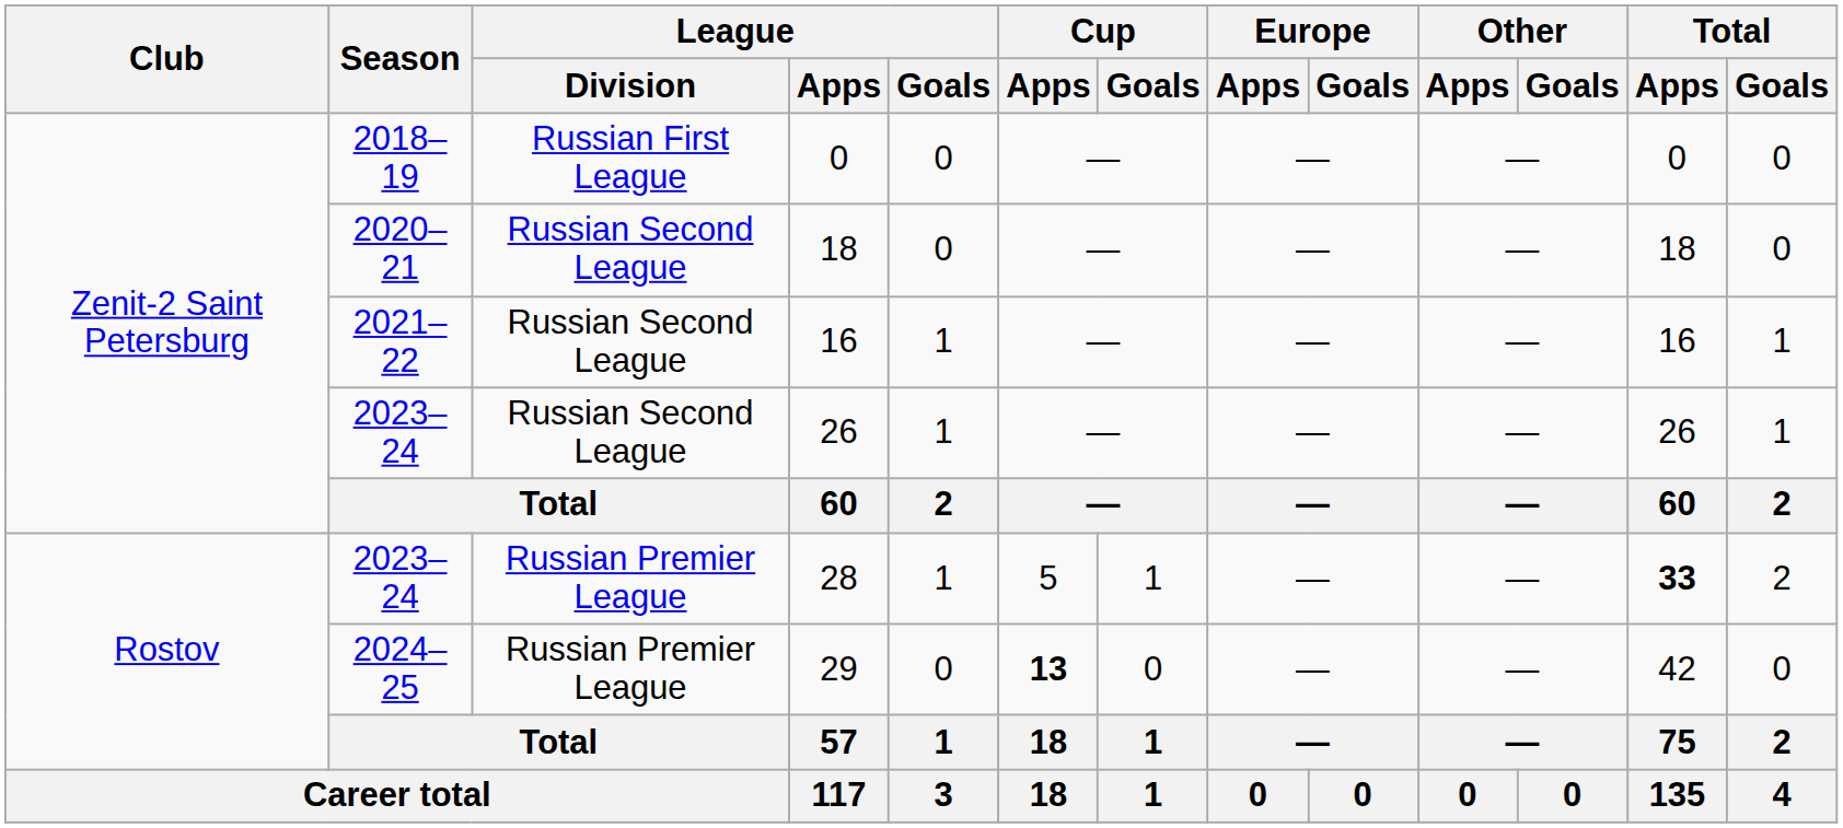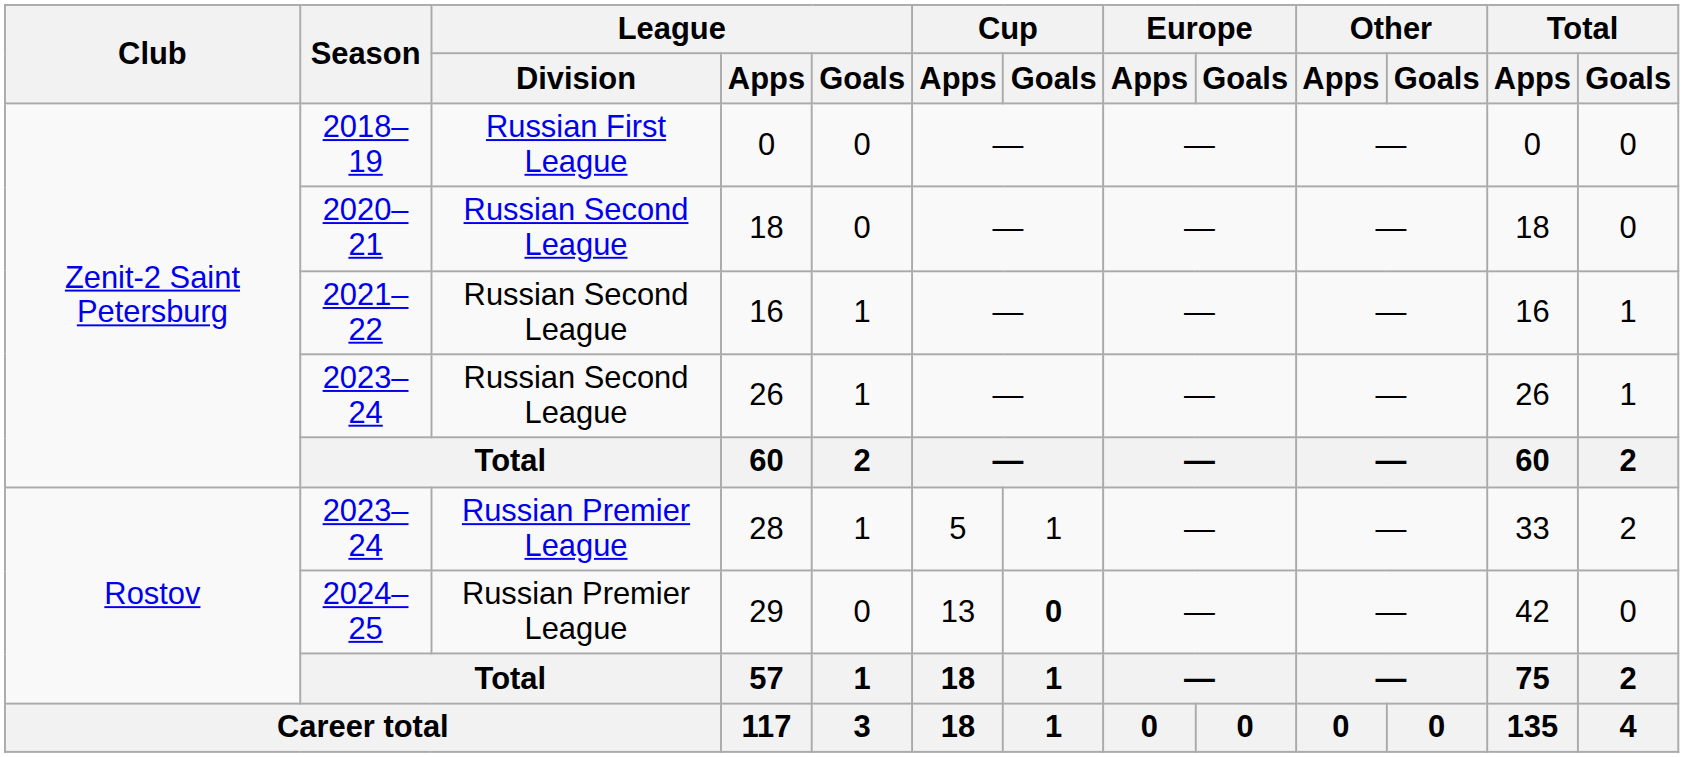 <table class="wikitable" style="text-align: center;">
 <tr>
 <th rowspan="2">Club</th>
 <th rowspan="2">Season</th>
 <th colspan="3">League</th>
 <th colspan="2">Cup</th>
 <th colspan="2">Europe</th>
 <th colspan="2">Other</th>
 <th colspan="2">Total</th>
 </tr>
 <tr>
 <th>Division</th>
 <th>Apps</th>
 <th>Goals</th>
 <th>Apps</th>
 <th>Goals</th>
 <th>Apps</th>
 <th>Goals</th>
 <th>Apps</th>
 <th>Goals</th>
 <th>Apps</th>
 <th>Goals</th>
 </tr>
 <tr>
 <td rowspan="5"><a href='#'>Zenit-2 Saint Petersburg</a></td>
 <td><a href='#'>2018–19</a></td>
 <td><a href='#'>Russian First League</a></td>
 <td>0</td>
 <td>0</td>
 <td colspan="2">—</td>
 <td colspan="2">—</td>
 <td colspan="2">—</td>
 <td>0</td>
 <td>0</td>
 </tr>
 <tr>
 <td><a href='#'>2020–21</a></td>
 <td><a href='#'>Russian Second League</a></td>
 <td>18</td>
 <td>0</td>
 <td colspan="2">—</td>
 <td colspan="2">—</td>
 <td colspan="2">—</td>
 <td>18</td>
 <td>0</td>
 </tr>
 <tr>
 <td><a href='#'>2021–22</a></td>
 <td>Russian Second League</td>
 <td>16</td>
 <td>1</td>
 <td colspan="2">—</td>
 <td colspan="2">—</td>
 <td colspan="2">—</td>
 <td>16</td>
 <td>1</td>
 </tr>
 <tr>
 <td><a href='#'>2023–24</a></td>
 <td>Russian Second League</td>
 <td>26</td>
 <td>1</td>
 <td colspan="2">—</td>
 <td colspan="2">—</td>
 <td colspan="2">—</td>
 <td>26</td>
 <td>1</td>
 </tr>
 <tr>
 <th colspan="2">Total</th>
 <th>60</th>
 <th>2</th>
 <th colspan="2">—</th>
 <th colspan="2">—</th>
 <th colspan="2">—</th>
 <th>60</th>
 <th>2</th>
 </tr>
 <tr>
 <td rowspan="3"><a href='#'>Rostov</a></td>
 <td><a href='#'>2023–24</a></td>
 <td><a href='#'>Russian Premier League</a></td>
 <td>28</td>
 <td>1</td>
 <td>5</td>
 <td>1</td>
 <td colspan="2">—</td>
 <td colspan="2">—</td>
-<td><strong>33</strong></td>
+<td>33</td>
 <td>2</td>
 </tr>
 <tr>
 <td><a href='#'>2024–25</a></td>
 <td>Russian Premier League</td>
 <td>29</td>
 <td>0</td>
-<td><strong>13</strong></td>
-<td>0</td>
+<td>13</td>
+<td><strong>0</strong></td>
 <td colspan="2">—</td>
 <td colspan="2">—</td>
 <td>42</td>
 <td>0</td>
 </tr>
 <tr>
 <th colspan="2">Total</th>
 <th>57</th>
 <th>1</th>
 <th>18</th>
 <th>1</th>
 <th colspan="2">—</th>
 <th colspan="2">—</th>
 <th>75</th>
 <th>2</th>
 </tr>
 <tr>
 <th colspan="3">Career total</th>
 <th>117</th>
 <th>3</th>
 <th>18</th>
 <th>1</th>
 <th>0</th>
 <th>0</th>
 <th>0</th>
 <th>0</th>
 <th>135</th>
 <th>4</th>
 </tr>
 </table>
